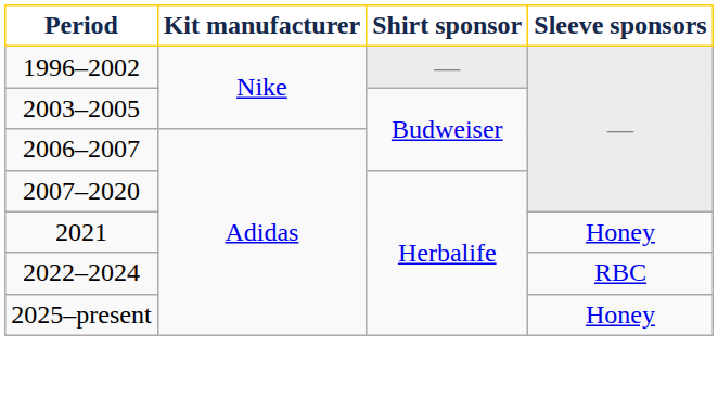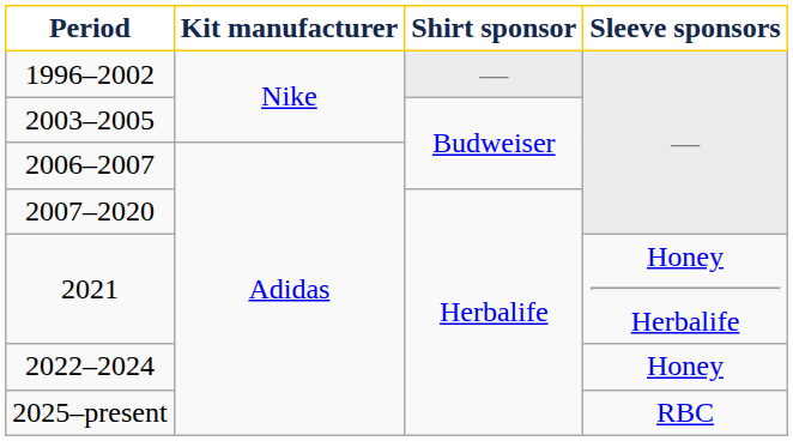 <table class="wikitable" style="text-align:center;margin-left:1em;float:center">
 <tr>
 <th style="background:#FFFFFF; color:#13284B; border:1px solid #FFCE02;">Period</th>
 <th style="background:#FFFFFF; color:#13284B; border:1px solid #FFCE02;">Kit manufacturer</th>
 <th style="background:#FFFFFF; color:#13284B; border:1px solid #FFCE02;">Shirt sponsor</th>
 <th style="background:#FFFFFF; color:#13284B; border:1px solid #FFCE02;">Sleeve sponsors</th>
 </tr>
 <tr>
 <td>1996–2002</td>
 <td rowspan="2"><a href='#'>Nike</a></td>
 <td style="background:#ececec; color:gray">—</td>
 <td rowspan="4" style="background:#ececec; color:gray">—</td>
 </tr>
 <tr>
 <td>2003–2005</td>
 <td rowspan="2"><a href='#'>Budweiser</a></td>
 </tr>
 <tr>
 <td>2006–2007</td>
 <td rowspan="5"><a href='#'>Adidas</a></td>
 </tr>
 <tr>
 <td>2007–2020</td>
 <td rowspan="5"><a href='#'>Herbalife</a></td>
 </tr>
 <tr>
 <td>2021</td>
+<td><a href='#'>Honey</a><hr><a href='#'>Herbalife</a></td>
+</tr>
+<tr>
+<td>2022–2024</td>
 <td><a href='#'>Honey</a></td>
 </tr>
 <tr>
-<td>2022–2024</td>
+<td>2025–present</td>
 <td><a href='#'>RBC</a></td>
 </tr>
-<tr>
-<td>2025–present</td>
-<td><a href='#'>Honey</a></td>
-</tr>
 </table>
